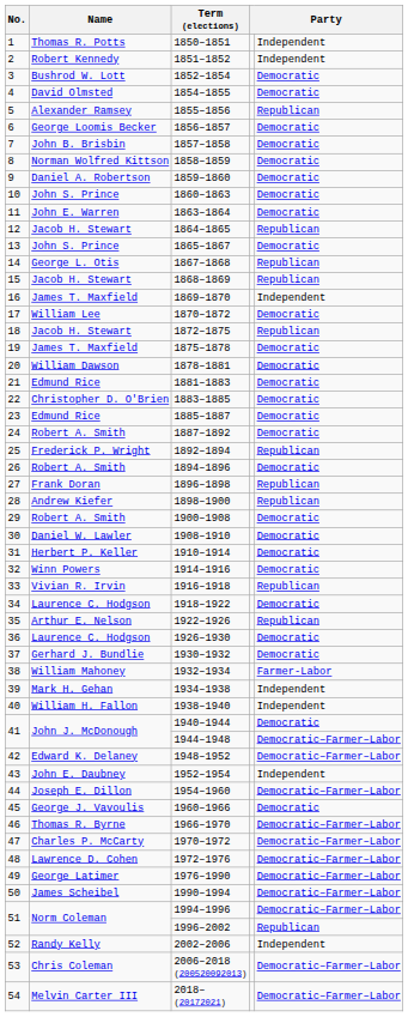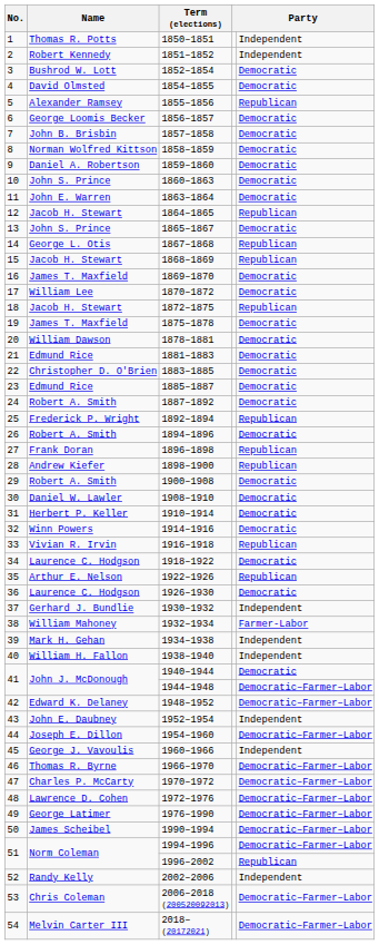 <table class="wikitable sortable">
 <tr>
 <th>No.</th>
 <th>Name</th>
 <th>Term<br><small>(elections)</small></th>
 <th colspan="2">Party</th>
 </tr>
 <tr>
 <td>1</td>
 <td><a href='#'>Thomas R. Potts</a></td>
 <td>1850–1851</td>
 <td style="background:"></td>
 <td>Independent</td>
 </tr>
 <tr>
 <td>2</td>
 <td><a href='#'>Robert Kennedy</a></td>
 <td>1851–1852</td>
 <td style="background:"></td>
 <td>Independent</td>
 </tr>
 <tr>
 <td>3</td>
 <td><a href='#'>Bushrod W. Lott</a></td>
 <td>1852–1854</td>
 <td style="background:"></td>
 <td><a href='#'>Democratic</a></td>
 </tr>
 <tr>
 <td>4</td>
 <td><a href='#'>David Olmsted</a></td>
 <td>1854–1855</td>
 <td style="background:"></td>
 <td><a href='#'>Democratic</a></td>
 </tr>
 <tr>
 <td>5</td>
 <td><a href='#'>Alexander Ramsey</a></td>
 <td>1855–1856</td>
 <td style="background:"></td>
 <td><a href='#'>Republican</a></td>
 </tr>
 <tr>
 <td>6</td>
 <td><a href='#'>George Loomis Becker</a></td>
 <td>1856–1857</td>
 <td style="background:"></td>
 <td><a href='#'>Democratic</a></td>
 </tr>
 <tr>
 <td>7</td>
 <td><a href='#'>John B. Brisbin</a></td>
 <td>1857–1858</td>
 <td style="background:"></td>
 <td><a href='#'>Democratic</a></td>
 </tr>
 <tr>
 <td>8</td>
 <td><a href='#'>Norman Wolfred Kittson</a></td>
 <td>1858–1859</td>
 <td style="background:"></td>
 <td><a href='#'>Democratic</a></td>
 </tr>
 <tr>
 <td>9</td>
 <td><a href='#'>Daniel A. Robertson</a></td>
 <td>1859–1860</td>
 <td style="background:"></td>
 <td><a href='#'>Democratic</a></td>
 </tr>
 <tr>
 <td>10</td>
 <td><a href='#'>John S. Prince</a></td>
 <td>1860–1863</td>
 <td style="background:"></td>
 <td><a href='#'>Democratic</a></td>
 </tr>
 <tr>
 <td>11</td>
 <td><a href='#'>John E. Warren</a></td>
 <td>1863–1864</td>
 <td style="background:"></td>
 <td><a href='#'>Democratic</a></td>
 </tr>
 <tr>
 <td>12</td>
 <td><a href='#'>Jacob H. Stewart</a></td>
 <td>1864–1865</td>
 <td style="background:"></td>
 <td><a href='#'>Republican</a></td>
 </tr>
 <tr>
 <td>13</td>
 <td><a href='#'>John S. Prince</a></td>
 <td>1865–1867</td>
 <td style="background:"></td>
 <td><a href='#'>Democratic</a></td>
 </tr>
 <tr>
 <td>14</td>
 <td><a href='#'>George L. Otis</a></td>
 <td>1867–1868</td>
 <td style="background:"></td>
 <td><a href='#'>Republican</a></td>
 </tr>
 <tr>
 <td>15</td>
 <td><a href='#'>Jacob H. Stewart</a></td>
 <td>1868–1869</td>
 <td style="background:"></td>
 <td><a href='#'>Republican</a></td>
 </tr>
 <tr>
 <td>16</td>
 <td><a href='#'>James T. Maxfield</a></td>
 <td>1869–1870</td>
 <td style="background:"></td>
-<td>Independent</td>
+<td><a href='#'>Democratic</a></td>
 </tr>
 <tr>
 <td>17</td>
 <td><a href='#'>William Lee</a></td>
 <td>1870–1872</td>
 <td style="background:"></td>
 <td><a href='#'>Democratic</a></td>
 </tr>
 <tr>
 <td>18</td>
 <td><a href='#'>Jacob H. Stewart</a></td>
 <td>1872–1875</td>
 <td style="background:"></td>
 <td><a href='#'>Republican</a></td>
 </tr>
 <tr>
 <td>19</td>
 <td><a href='#'>James T. Maxfield</a></td>
 <td>1875–1878</td>
 <td style="background:"></td>
 <td><a href='#'>Democratic</a></td>
 </tr>
 <tr>
 <td>20</td>
 <td><a href='#'>William Dawson</a></td>
 <td>1878–1881</td>
 <td style="background:"></td>
 <td><a href='#'>Democratic</a></td>
 </tr>
 <tr>
 <td>21</td>
 <td><a href='#'>Edmund Rice</a></td>
 <td>1881–1883</td>
 <td style="background:"></td>
 <td><a href='#'>Democratic</a></td>
 </tr>
 <tr>
 <td>22</td>
 <td><a href='#'>Christopher D. O'Brien</a></td>
 <td>1883–1885</td>
 <td style="background:"></td>
 <td><a href='#'>Democratic</a></td>
 </tr>
 <tr>
 <td>23</td>
 <td><a href='#'>Edmund Rice</a></td>
 <td>1885–1887</td>
 <td style="background:"></td>
 <td><a href='#'>Democratic</a></td>
 </tr>
 <tr>
 <td>24</td>
 <td><a href='#'>Robert A. Smith</a></td>
 <td>1887–1892</td>
 <td style="background:"></td>
 <td><a href='#'>Democratic</a></td>
 </tr>
 <tr>
 <td>25</td>
 <td><a href='#'>Frederick P. Wright</a></td>
 <td>1892–1894</td>
 <td style="background:"></td>
 <td><a href='#'>Republican</a></td>
 </tr>
 <tr>
 <td>26</td>
 <td><a href='#'>Robert A. Smith</a></td>
 <td>1894–1896</td>
 <td style="background:"></td>
 <td><a href='#'>Democratic</a></td>
 </tr>
 <tr>
 <td>27</td>
 <td><a href='#'>Frank Doran</a></td>
 <td>1896–1898</td>
 <td style="background:"></td>
 <td><a href='#'>Republican</a></td>
 </tr>
 <tr>
 <td>28</td>
 <td><a href='#'>Andrew Kiefer</a></td>
 <td>1898–1900</td>
 <td style="background:"></td>
 <td><a href='#'>Republican</a></td>
 </tr>
 <tr>
 <td>29</td>
 <td><a href='#'>Robert A. Smith</a></td>
 <td>1900–1908</td>
 <td style="background:"></td>
 <td><a href='#'>Democratic</a></td>
 </tr>
 <tr>
 <td>30</td>
 <td><a href='#'>Daniel W. Lawler</a></td>
 <td>1908–1910</td>
 <td style="background:"></td>
 <td><a href='#'>Democratic</a></td>
 </tr>
 <tr>
 <td>31</td>
 <td><a href='#'>Herbert P. Keller</a></td>
 <td>1910–1914</td>
 <td style="background:"></td>
 <td><a href='#'>Democratic</a></td>
 </tr>
 <tr>
 <td>32</td>
 <td><a href='#'>Winn Powers</a></td>
 <td>1914–1916</td>
 <td style="background:"></td>
 <td><a href='#'>Democratic</a></td>
 </tr>
 <tr>
 <td>33</td>
 <td><a href='#'>Vivian R. Irvin</a></td>
 <td>1916–1918</td>
 <td style="background:"></td>
 <td><a href='#'>Republican</a></td>
 </tr>
 <tr>
 <td>34</td>
 <td><a href='#'>Laurence C. Hodgson</a></td>
 <td>1918–1922</td>
 <td style="background:"></td>
 <td><a href='#'>Democratic</a></td>
 </tr>
 <tr>
 <td>35</td>
 <td><a href='#'>Arthur E. Nelson</a></td>
 <td>1922–1926</td>
 <td style="background:"></td>
 <td><a href='#'>Republican</a></td>
 </tr>
 <tr>
 <td>36</td>
 <td><a href='#'>Laurence C. Hodgson</a></td>
 <td>1926–1930</td>
 <td style="background:"></td>
 <td><a href='#'>Democratic</a></td>
 </tr>
 <tr>
 <td>37</td>
 <td><a href='#'>Gerhard J. Bundlie</a></td>
 <td>1930–1932</td>
 <td style="background:"></td>
-<td><a href='#'>Democratic</a></td>
+<td>Independent</td>
 </tr>
 <tr>
 <td>38</td>
 <td><a href='#'>William Mahoney</a></td>
 <td>1932–1934</td>
 <td style="background:"></td>
 <td><a href='#'>Farmer-Labor</a></td>
 </tr>
 <tr>
 <td>39</td>
 <td><a href='#'>Mark H. Gehan</a></td>
 <td>1934–1938</td>
 <td style="background:"></td>
 <td>Independent</td>
 </tr>
 <tr>
 <td>40</td>
 <td><a href='#'>William H. Fallon</a></td>
 <td>1938–1940</td>
 <td style="background:"></td>
 <td>Independent</td>
 </tr>
 <tr>
 <td rowspan="2">41</td>
 <td rowspan="2"><a href='#'>John J. McDonough</a></td>
 <td>1940–1944</td>
 <td style="background:"></td>
 <td><a href='#'>Democratic</a></td>
 </tr>
 <tr>
 <td>1944–1948</td>
 <td style="background:"></td>
 <td><a href='#'>Democratic–Farmer–Labor</a></td>
 </tr>
 <tr>
 <td>42</td>
 <td><a href='#'>Edward K. Delaney</a></td>
 <td>1948–1952</td>
 <td style="background:"></td>
 <td><a href='#'>Democratic–Farmer–Labor</a></td>
 </tr>
 <tr>
 <td>43</td>
 <td><a href='#'>John E. Daubney</a></td>
 <td>1952–1954</td>
 <td style="background:"></td>
 <td>Independent</td>
 </tr>
 <tr>
 <td>44</td>
 <td><a href='#'>Joseph E. Dillon</a></td>
 <td>1954–1960</td>
 <td style="background:"></td>
 <td><a href='#'>Democratic–Farmer–Labor</a></td>
 </tr>
 <tr>
 <td>45</td>
 <td><a href='#'>George J. Vavoulis</a></td>
 <td>1960–1966</td>
 <td style="background:"></td>
-<td><a href='#'>Democratic</a></td>
+<td>Independent</td>
 </tr>
 <tr>
 <td>46</td>
 <td><a href='#'>Thomas R. Byrne</a></td>
 <td>1966–1970</td>
 <td style="background:"></td>
 <td><a href='#'>Democratic–Farmer–Labor</a></td>
 </tr>
 <tr>
 <td>47</td>
 <td><a href='#'>Charles P. McCarty</a></td>
 <td>1970–1972</td>
 <td style="background:"></td>
 <td><a href='#'>Democratic–Farmer–Labor</a></td>
 </tr>
 <tr>
 <td>48</td>
 <td><a href='#'>Lawrence D. Cohen</a></td>
 <td>1972–1976</td>
 <td style="background:"></td>
 <td><a href='#'>Democratic–Farmer–Labor</a></td>
 </tr>
 <tr>
 <td>49</td>
 <td><a href='#'>George Latimer</a></td>
 <td>1976–1990</td>
 <td style="background:"></td>
 <td><a href='#'>Democratic–Farmer–Labor</a></td>
 </tr>
 <tr>
 <td>50</td>
 <td><a href='#'>James Scheibel</a></td>
 <td>1990–1994</td>
 <td style="background:"></td>
 <td><a href='#'>Democratic–Farmer–Labor</a></td>
 </tr>
 <tr>
 <td rowspan="2">51</td>
 <td rowspan="2"><a href='#'>Norm Coleman</a></td>
 <td>1994–1996</td>
 <td style="background:"></td>
 <td><a href='#'>Democratic–Farmer–Labor</a></td>
 </tr>
 <tr>
 <td>1996–2002</td>
 <td style="background:"></td>
 <td><a href='#'>Republican</a></td>
 </tr>
 <tr>
 <td>52</td>
 <td><a href='#'>Randy Kelly</a></td>
 <td>2002–2006</td>
 <td style="background:"></td>
 <td>Independent</td>
 </tr>
 <tr>
 <td>53</td>
 <td><a href='#'>Chris Coleman</a></td>
 <td>2006–2018 <br><small>(<a href='#'>2005</a><a href='#'>2009</a><a href='#'>2013</a>)</small></td>
 <td style="background:"></td>
 <td><a href='#'>Democratic–Farmer–Labor</a></td>
 </tr>
 <tr>
 <td>54</td>
 <td><a href='#'>Melvin Carter III</a></td>
 <td>2018–<br><small>(<a href='#'>2017</a><a href='#'>2021</a>)</small></td>
 <td style="background:"></td>
 <td><a href='#'>Democratic–Farmer–Labor</a></td>
 </tr>
 </table>
